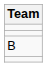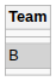 <table class="wikitable">
 <tr>
 <th>Team</th>
 </tr>
 <tr>
 <td></td>
 </tr>
 <tr>
 <td></td>
 </tr>
 <tr>
-<td> B</td>
+<td style="background: lightgrey;"> B</td>
 </tr>
 <tr>
 <td></td>
 </tr>
 </table>
